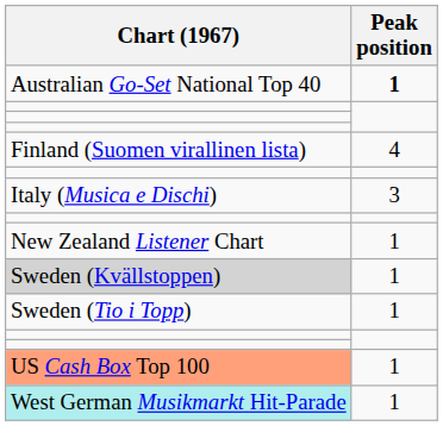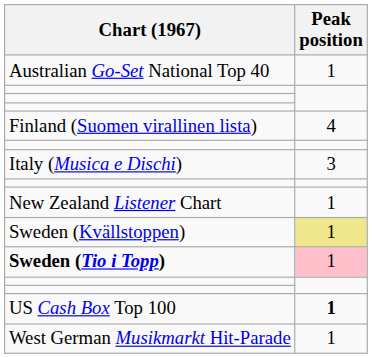 <table class="wikitable sortable">
 <tr>
 <th align="left">Chart (1967)</th>
 <th align="left">Peak<br>position</th>
 </tr>
 <tr>
 <td>Australian <em><a href='#'>Go-Set</a></em> National Top 40</td>
-<td style="text-align:center;"><strong>1</strong></td>
+<td style="text-align:center;">1</td>
 </tr>
 <tr>
 <td></td>
 </tr>
 <tr>
 <td></td>
 </tr>
 <tr>
 <td></td>
 </tr>
 <tr>
 <td>Finland (<a href='#'>Suomen virallinen lista</a>)</td>
 <td align="center">4</td>
 </tr>
 <tr>
 <td></td>
 </tr>
 <tr>
 <td>Italy (<em><a href='#'>Musica e Dischi</a></em>)</td>
 <td align=center>3</td>
 </tr>
 <tr>
 <td></td>
 </tr>
 <tr>
 <td>New Zealand <em><a href='#'>Listener</a></em> Chart</td>
 <td style="text-align:center;">1</td>
 </tr>
 <tr>
-<td style="background: lightgrey;">Sweden (<a href='#'>Kvällstoppen</a>)</td>
-<td style="text-align:center;">1</td>
+<td>Sweden (<a href='#'>Kvällstoppen</a>)</td>
+<td style="background: khaki; text-align:center;">1</td>
 </tr>
 <tr>
-<td>Sweden (<em><a href='#'>Tio i Topp</a></em>)</td>
-<td style="text-align:center;">1</td>
+<td><strong>Sweden (<em><a href='#'>Tio i Topp</a></em>)</strong></td>
+<td style="background: pink; text-align:center;">1</td>
 </tr>
 <tr>
 <td></td>
 </tr>
 <tr>
 <td></td>
 </tr>
 <tr>
-<td style="background: lightsalmon;">US <a href='#'><em>Cash Box</em></a> Top 100</td>
-<td style="text-align:center;">1</td>
+<td>US <a href='#'><em>Cash Box</em></a> Top 100</td>
+<td style="text-align:center;"><strong>1</strong></td>
 </tr>
 <tr>
-<td style="background: paleturquoise;">West German <a href='#'><em>Musikmarkt</em> Hit-Parade</a></td>
+<td>West German <a href='#'><em>Musikmarkt</em> Hit-Parade</a></td>
 <td style="text-align:center;">1</td>
 </tr>
 </table>
